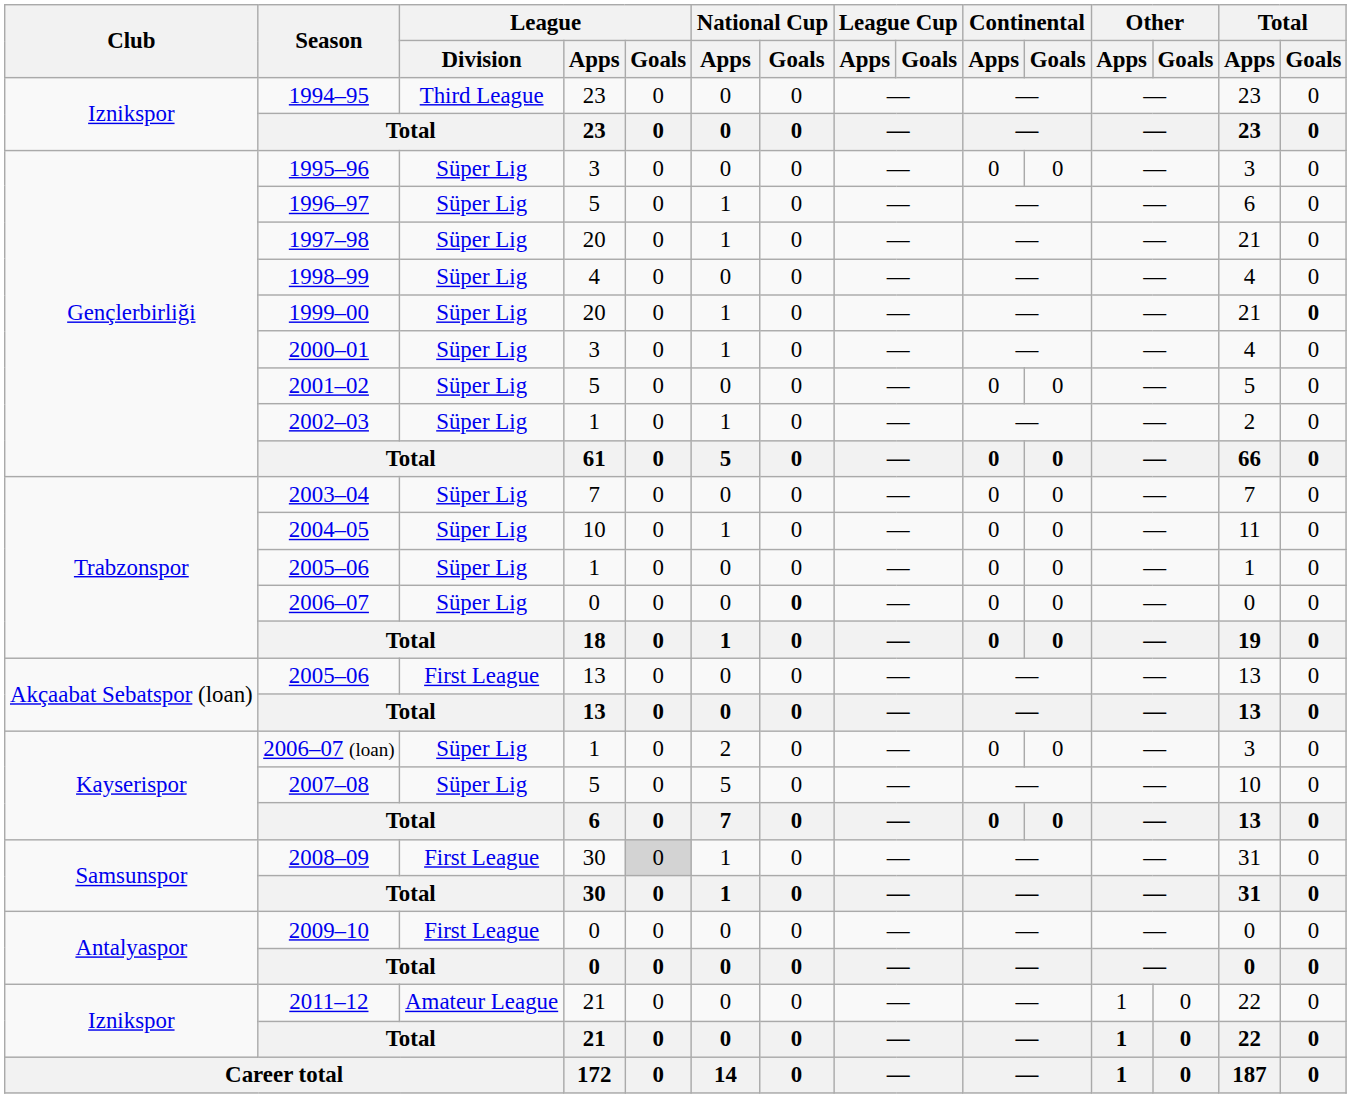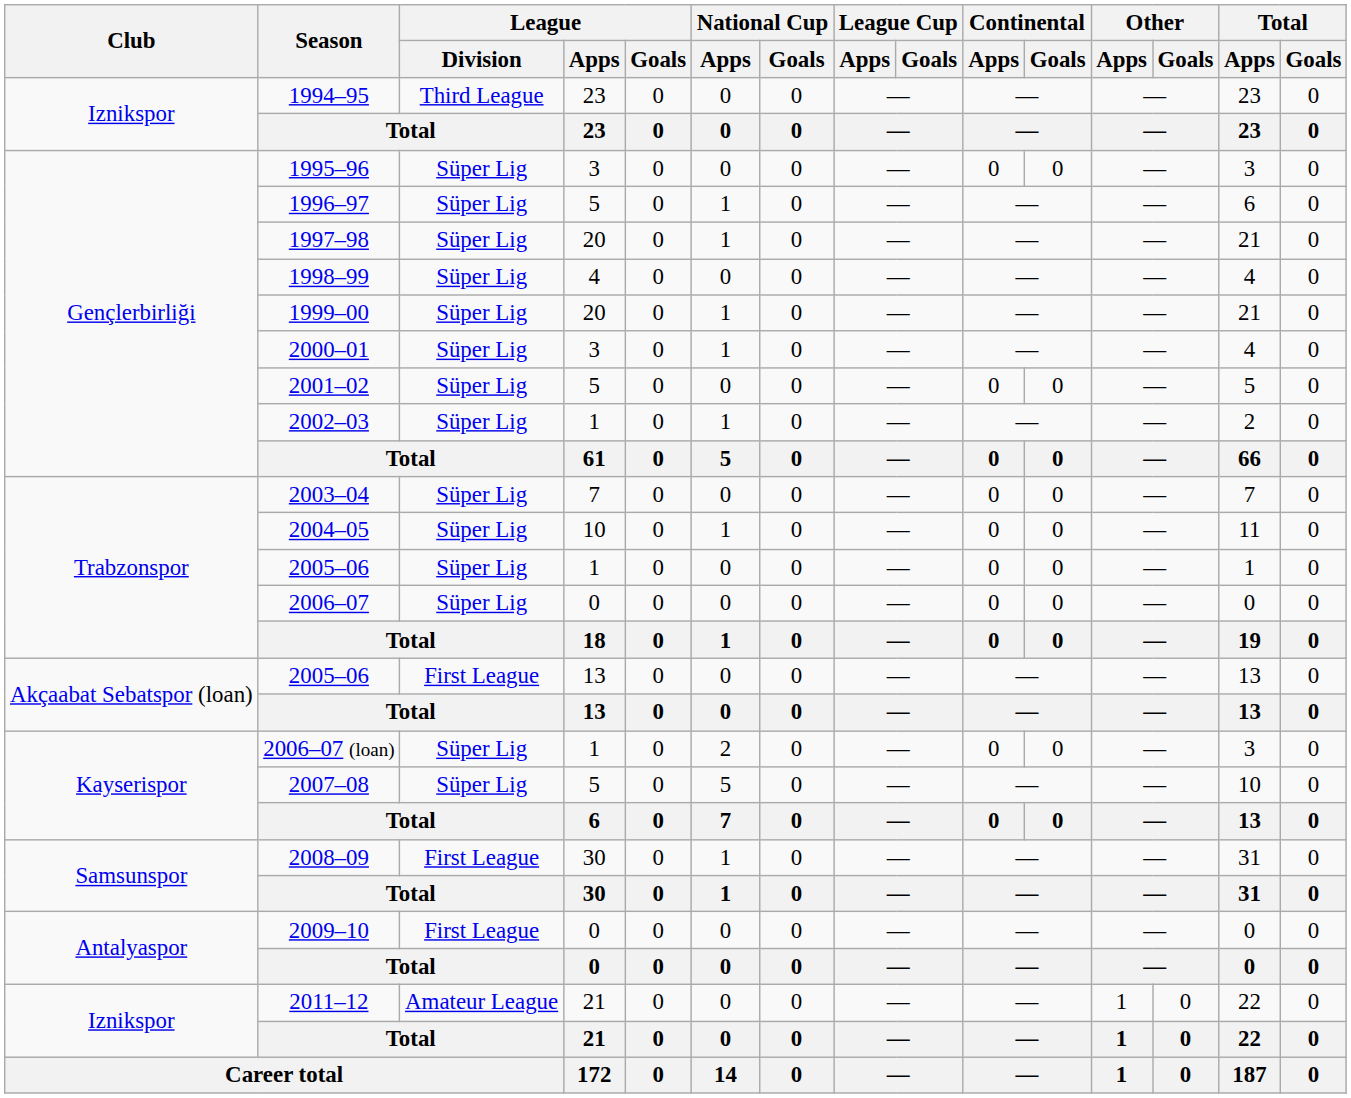 <table class="wikitable" style="text-align:center">
 <tr>
 <th rowspan="2">Club</th>
 <th rowspan="2">Season</th>
 <th colspan="3">League</th>
 <th colspan="2">National Cup</th>
 <th colspan="2">League Cup</th>
 <th colspan="2">Continental</th>
 <th colspan="2">Other</th>
 <th colspan="2">Total</th>
 </tr>
 <tr>
 <th>Division</th>
 <th>Apps</th>
 <th>Goals</th>
 <th>Apps</th>
 <th>Goals</th>
 <th>Apps</th>
 <th>Goals</th>
 <th>Apps</th>
 <th>Goals</th>
 <th>Apps</th>
 <th>Goals</th>
 <th>Apps</th>
 <th>Goals</th>
 </tr>
 <tr>
 <td rowspan="2"><a href='#'>Iznikspor</a></td>
 <td><a href='#'>1994–95</a></td>
 <td><a href='#'>Third League</a></td>
 <td>23</td>
 <td>0</td>
 <td>0</td>
 <td>0</td>
 <td colspan="2">—</td>
 <td colspan="2">—</td>
 <td colspan="2">—</td>
 <td>23</td>
 <td>0</td>
 </tr>
 <tr>
 <th colspan="2">Total</th>
 <th>23</th>
 <th>0</th>
 <th>0</th>
 <th>0</th>
 <th colspan="2">—</th>
 <th colspan="2">—</th>
 <th colspan="2">—</th>
 <th>23</th>
 <th>0</th>
 </tr>
 <tr>
 <td rowspan="9"><a href='#'>Gençlerbirliği</a></td>
 <td><a href='#'>1995–96</a></td>
 <td><a href='#'>Süper Lig</a></td>
 <td>3</td>
 <td>0</td>
 <td>0</td>
 <td>0</td>
 <td colspan="2">—</td>
 <td>0</td>
 <td>0</td>
 <td colspan="2">—</td>
 <td>3</td>
 <td>0</td>
 </tr>
 <tr>
 <td><a href='#'>1996–97</a></td>
 <td><a href='#'>Süper Lig</a></td>
 <td>5</td>
 <td>0</td>
 <td>1</td>
 <td>0</td>
 <td colspan="2">—</td>
 <td colspan="2">—</td>
 <td colspan="2">—</td>
 <td>6</td>
 <td>0</td>
 </tr>
 <tr>
 <td><a href='#'>1997–98</a></td>
 <td><a href='#'>Süper Lig</a></td>
 <td>20</td>
 <td>0</td>
 <td>1</td>
 <td>0</td>
 <td colspan="2">—</td>
 <td colspan="2">—</td>
 <td colspan="2">—</td>
 <td>21</td>
 <td>0</td>
 </tr>
 <tr>
 <td><a href='#'>1998–99</a></td>
 <td><a href='#'>Süper Lig</a></td>
 <td>4</td>
 <td>0</td>
 <td>0</td>
 <td>0</td>
 <td colspan="2">—</td>
 <td colspan="2">—</td>
 <td colspan="2">—</td>
 <td>4</td>
 <td>0</td>
 </tr>
 <tr>
 <td><a href='#'>1999–00</a></td>
 <td><a href='#'>Süper Lig</a></td>
 <td>20</td>
 <td>0</td>
 <td>1</td>
 <td>0</td>
 <td colspan="2">—</td>
 <td colspan="2">—</td>
 <td colspan="2">—</td>
 <td>21</td>
-<td><strong>0</strong></td>
+<td>0</td>
 </tr>
 <tr>
 <td><a href='#'>2000–01</a></td>
 <td><a href='#'>Süper Lig</a></td>
 <td>3</td>
 <td>0</td>
 <td>1</td>
 <td>0</td>
 <td colspan="2">—</td>
 <td colspan="2">—</td>
 <td colspan="2">—</td>
 <td>4</td>
 <td>0</td>
 </tr>
 <tr>
 <td><a href='#'>2001–02</a></td>
 <td><a href='#'>Süper Lig</a></td>
 <td>5</td>
 <td>0</td>
 <td>0</td>
 <td>0</td>
 <td colspan="2">—</td>
 <td>0</td>
 <td>0</td>
 <td colspan="2">—</td>
 <td>5</td>
 <td>0</td>
 </tr>
 <tr>
 <td><a href='#'>2002–03</a></td>
 <td><a href='#'>Süper Lig</a></td>
 <td>1</td>
 <td>0</td>
 <td>1</td>
 <td>0</td>
 <td colspan="2">—</td>
 <td colspan="2">—</td>
 <td colspan="2">—</td>
 <td>2</td>
 <td>0</td>
 </tr>
 <tr>
 <th colspan="2">Total</th>
 <th>61</th>
 <th>0</th>
 <th>5</th>
 <th>0</th>
 <th colspan="2">—</th>
 <th>0</th>
 <th>0</th>
 <th colspan="2">—</th>
 <th>66</th>
 <th>0</th>
 </tr>
 <tr>
 <td rowspan="5"><a href='#'>Trabzonspor</a></td>
 <td><a href='#'>2003–04</a></td>
 <td><a href='#'>Süper Lig</a></td>
 <td>7</td>
 <td>0</td>
 <td>0</td>
 <td>0</td>
 <td colspan="2">—</td>
 <td>0</td>
 <td>0</td>
 <td colspan="2">—</td>
 <td>7</td>
 <td>0</td>
 </tr>
 <tr>
 <td><a href='#'>2004–05</a></td>
 <td><a href='#'>Süper Lig</a></td>
 <td>10</td>
 <td>0</td>
 <td>1</td>
 <td>0</td>
 <td colspan="2">—</td>
 <td>0</td>
 <td>0</td>
 <td colspan="2">—</td>
 <td>11</td>
 <td>0</td>
 </tr>
 <tr>
 <td><a href='#'>2005–06</a></td>
 <td><a href='#'>Süper Lig</a></td>
 <td>1</td>
 <td>0</td>
 <td>0</td>
 <td>0</td>
 <td colspan="2">—</td>
 <td>0</td>
 <td>0</td>
 <td colspan="2">—</td>
 <td>1</td>
 <td>0</td>
 </tr>
 <tr>
 <td><a href='#'>2006–07</a></td>
 <td><a href='#'>Süper Lig</a></td>
 <td>0</td>
 <td>0</td>
 <td>0</td>
-<td><strong>0</strong></td>
+<td>0</td>
 <td colspan="2">—</td>
 <td>0</td>
 <td>0</td>
 <td colspan="2">—</td>
 <td>0</td>
 <td>0</td>
 </tr>
 <tr>
 <th colspan="2">Total</th>
 <th>18</th>
 <th>0</th>
 <th>1</th>
 <th>0</th>
 <th colspan="2">—</th>
 <th>0</th>
 <th>0</th>
 <th colspan="2">—</th>
 <th>19</th>
 <th>0</th>
 </tr>
 <tr>
 <td rowspan="2"><a href='#'>Akçaabat Sebatspor</a> (loan)</td>
 <td><a href='#'>2005–06</a></td>
 <td><a href='#'>First League</a></td>
 <td>13</td>
 <td>0</td>
 <td>0</td>
 <td>0</td>
 <td colspan="2">—</td>
 <td colspan="2">—</td>
 <td colspan="2">—</td>
 <td>13</td>
 <td>0</td>
 </tr>
 <tr>
 <th colspan="2">Total</th>
 <th>13</th>
 <th>0</th>
 <th>0</th>
 <th>0</th>
 <th colspan="2">—</th>
 <th colspan="2">—</th>
 <th colspan="2">—</th>
 <th>13</th>
 <th>0</th>
 </tr>
 <tr>
 <td rowspan="3"><a href='#'>Kayserispor</a></td>
 <td><a href='#'>2006–07</a> <small>(loan)</small></td>
 <td><a href='#'>Süper Lig</a></td>
 <td>1</td>
 <td>0</td>
 <td>2</td>
 <td>0</td>
 <td colspan="2">—</td>
 <td>0</td>
 <td>0</td>
 <td colspan="2">—</td>
 <td>3</td>
 <td>0</td>
 </tr>
 <tr>
 <td><a href='#'>2007–08</a></td>
 <td><a href='#'>Süper Lig</a></td>
 <td>5</td>
 <td>0</td>
 <td>5</td>
 <td>0</td>
 <td colspan="2">—</td>
 <td colspan="2">—</td>
 <td colspan="2">—</td>
 <td>10</td>
 <td>0</td>
 </tr>
 <tr>
 <th colspan="2">Total</th>
 <th>6</th>
 <th>0</th>
 <th>7</th>
 <th>0</th>
 <th colspan="2">—</th>
 <th>0</th>
 <th>0</th>
 <th colspan="2">—</th>
 <th>13</th>
 <th>0</th>
 </tr>
 <tr>
 <td rowspan="2"><a href='#'>Samsunspor</a></td>
 <td><a href='#'>2008–09</a></td>
 <td><a href='#'>First League</a></td>
 <td>30</td>
-<td style="background: lightgrey;">0</td>
+<td>0</td>
 <td>1</td>
 <td>0</td>
 <td colspan="2">—</td>
 <td colspan="2">—</td>
 <td colspan="2">—</td>
 <td>31</td>
 <td>0</td>
 </tr>
 <tr>
 <th colspan="2">Total</th>
 <th>30</th>
 <th>0</th>
 <th>1</th>
 <th>0</th>
 <th colspan="2">—</th>
 <th colspan="2">—</th>
 <th colspan="2">—</th>
 <th>31</th>
 <th>0</th>
 </tr>
 <tr>
 <td rowspan="2"><a href='#'>Antalyaspor</a></td>
 <td><a href='#'>2009–10</a></td>
 <td><a href='#'>First League</a></td>
 <td>0</td>
 <td>0</td>
 <td>0</td>
 <td>0</td>
 <td colspan="2">—</td>
 <td colspan="2">—</td>
 <td colspan="2">—</td>
 <td>0</td>
 <td>0</td>
 </tr>
 <tr>
 <th colspan="2">Total</th>
 <th>0</th>
 <th>0</th>
 <th>0</th>
 <th>0</th>
 <th colspan="2">—</th>
 <th colspan="2">—</th>
 <th colspan="2">—</th>
 <th>0</th>
 <th>0</th>
 </tr>
 <tr>
 <td rowspan="2"><a href='#'>Iznikspor</a></td>
 <td><a href='#'>2011–12</a></td>
 <td><a href='#'>Amateur League</a></td>
 <td>21</td>
 <td>0</td>
 <td>0</td>
 <td>0</td>
 <td colspan="2">—</td>
 <td colspan="2">—</td>
 <td>1</td>
 <td>0</td>
 <td>22</td>
 <td>0</td>
 </tr>
 <tr>
 <th colspan="2">Total</th>
 <th>21</th>
 <th>0</th>
 <th>0</th>
 <th>0</th>
 <th colspan="2">—</th>
 <th colspan="2">—</th>
 <th>1</th>
 <th>0</th>
 <th>22</th>
 <th>0</th>
 </tr>
 <tr>
 <th colspan="3">Career total</th>
 <th>172</th>
 <th>0</th>
 <th>14</th>
 <th>0</th>
 <th colspan="2">—</th>
 <th colspan="2">—</th>
 <th>1</th>
 <th>0</th>
 <th>187</th>
 <th>0</th>
 </tr>
 </table>
